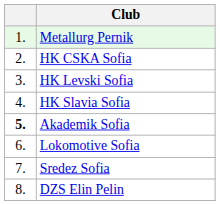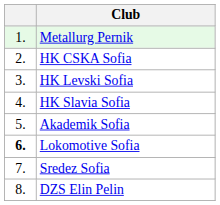 <table class="wikitable">
 <tr>
 <th width="30"></th>
 <th width="200">Club</th>
 </tr>
 <tr bgcolor="#e6fae6" align="center">
 <td>1.</td>
 <td align="left"><a href='#'>Metallurg Pernik</a></td>
 </tr>
 <tr bgcolor="#FFFFFF" align="center">
 <td>2.</td>
 <td align="left"><a href='#'>HK CSKA Sofia</a></td>
 </tr>
 <tr bgcolor="#FFFFFF" align="center">
 <td>3.</td>
 <td align="left"><a href='#'>HK Levski Sofia</a></td>
 </tr>
 <tr bgcolor="#FFFFFF" align="center">
 <td>4.</td>
 <td align="left"><a href='#'>HK Slavia Sofia</a></td>
 </tr>
 <tr bgcolor="#FFFFFF" align="center">
-<td><strong>5.</strong></td>
+<td>5.</td>
 <td align="left"><a href='#'>Akademik Sofia</a></td>
 </tr>
 <tr bgcolor="#FFFFFF" align="center">
-<td>6.</td>
+<td><strong>6.</strong></td>
 <td align="left"><a href='#'>Lokomotive Sofia</a></td>
 </tr>
 <tr bgcolor="#FFFFFF" align="center">
 <td>7.</td>
 <td align="left"><a href='#'>Sredez Sofia</a></td>
 </tr>
 <tr bgcolor="#FFFFFF" align="center">
 <td>8.</td>
 <td align="left"><a href='#'>DZS Elin Pelin</a></td>
 </tr>
 </table>
